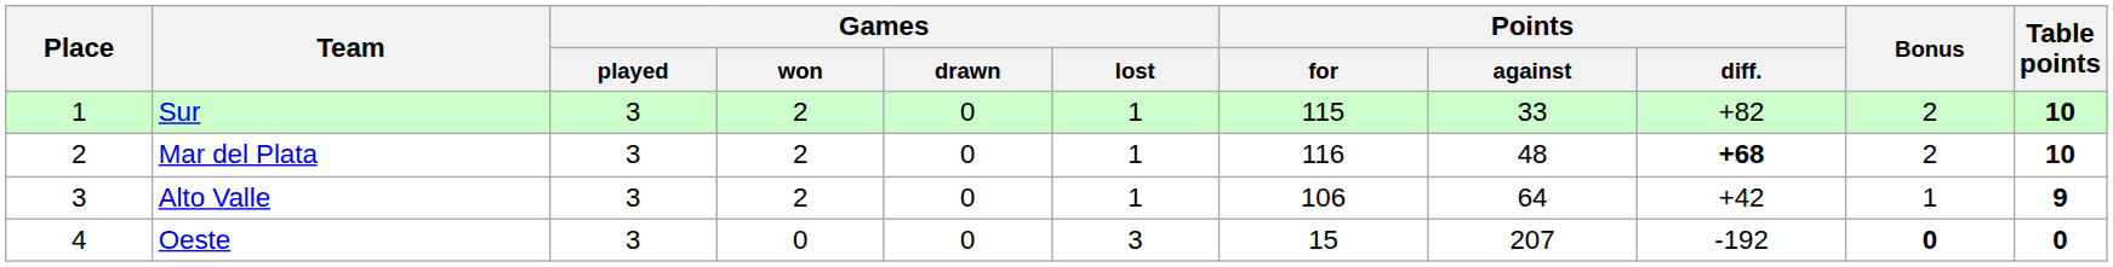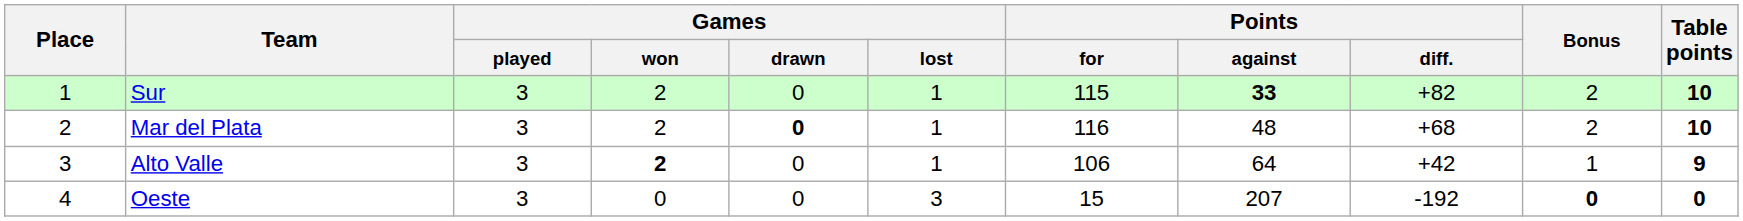 <table class="wikitable">
 <tr>
 <th rowspan=2 width="7%">Place</th>
 <th rowspan=2 width="19%">Team</th>
 <th colspan=4 width="30%">Games</th>
 <th colspan=3 width="26%">Points</th>
 <th rowspan=2 width="8%"><small> Bonus </small></th>
 <th rowspan=2 width="10%">Table<br>points</th>
 </tr>
 <tr>
 <th width="8%"><small>played </small></th>
 <th width="8%"><small>won </small></th>
 <th width="8%"><small>drawn </small></th>
 <th width="8%"><small>lost </small></th>
 <th width="10%"><small>for </small></th>
 <th width="10%"><small>against </small></th>
 <th width="10%"><small>diff.</small></th>
 </tr>
 <tr align=center style="background: #ccffcc;">
 <td>1</td>
 <td align=left><a href='#'>Sur</a></td>
 <td>3</td>
 <td>2</td>
 <td>0</td>
 <td>1</td>
 <td>115</td>
-<td>33</td>
+<td><strong>33</strong></td>
 <td>+82</td>
 <td>2</td>
 <td><strong>10</strong></td>
 </tr>
 <tr align=center style="background: #ffffff;">
 <td>2</td>
 <td align=left><a href='#'>Mar del Plata</a></td>
 <td>3</td>
 <td>2</td>
-<td>0</td>
+<td><strong>0</strong></td>
 <td>1</td>
 <td>116</td>
 <td>48</td>
-<td><strong>+68</strong></td>
+<td>+68</td>
 <td>2</td>
 <td><strong>10</strong></td>
 </tr>
 <tr align=center style="background: #ffffff;">
 <td>3</td>
 <td align=left><a href='#'>Alto Valle</a></td>
 <td>3</td>
-<td>2</td>
+<td><strong>2</strong></td>
 <td>0</td>
 <td>1</td>
 <td>106</td>
 <td>64</td>
 <td>+42</td>
 <td>1</td>
 <td><strong>9</strong></td>
 </tr>
 <tr align=center style="background: #ffffff;">
 <td>4</td>
 <td align=left><a href='#'>Oeste</a></td>
 <td>3</td>
 <td>0</td>
 <td>0</td>
 <td>3</td>
 <td>15</td>
 <td>207</td>
 <td>-192</td>
 <td><strong>0</strong></td>
 <td><strong>0</strong></td>
 </tr>
 </table>
